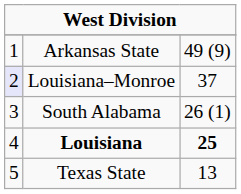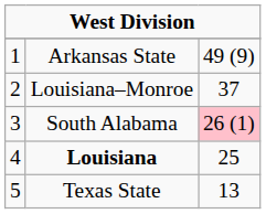 <table class="wikitable">
 <tr align="center">
 <td align="center" Colspan="3"><strong>West Division</strong></td>
 </tr>
 <tr align="center">
 </tr>
 <tr align="center">
 <td>1</td>
 <td>Arkansas State</td>
 <td>49 (9)</td>
 </tr>
 <tr align="center">
-<td style="background: lavender;">2</td>
+<td>2</td>
 <td>Louisiana–Monroe</td>
 <td>37</td>
 </tr>
 <tr align="center">
 <td>3</td>
 <td>South Alabama</td>
-<td>26 (1)</td>
+<td style="background: pink;">26 (1)</td>
 </tr>
 <tr align="center">
 <td>4</td>
 <td><strong>Louisiana</strong></td>
-<td><strong>25</strong></td>
+<td>25</td>
 </tr>
 <tr align="center">
 <td>5</td>
 <td>Texas State</td>
 <td>13</td>
 </tr>
 </table>
